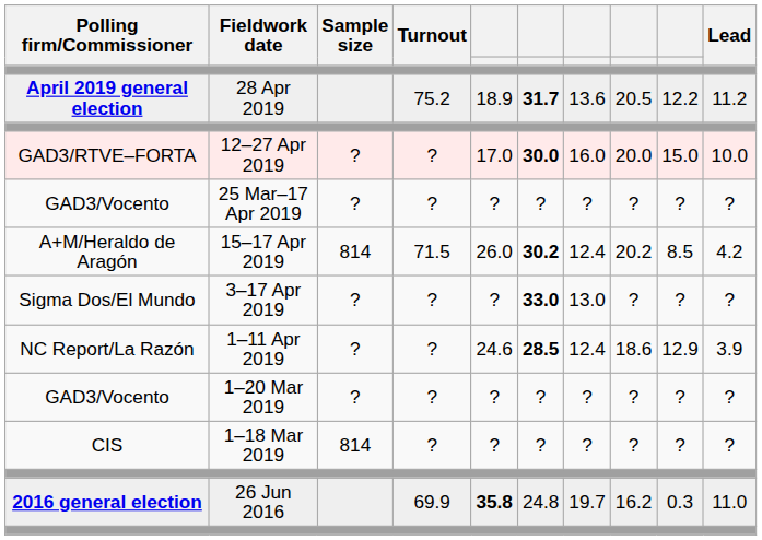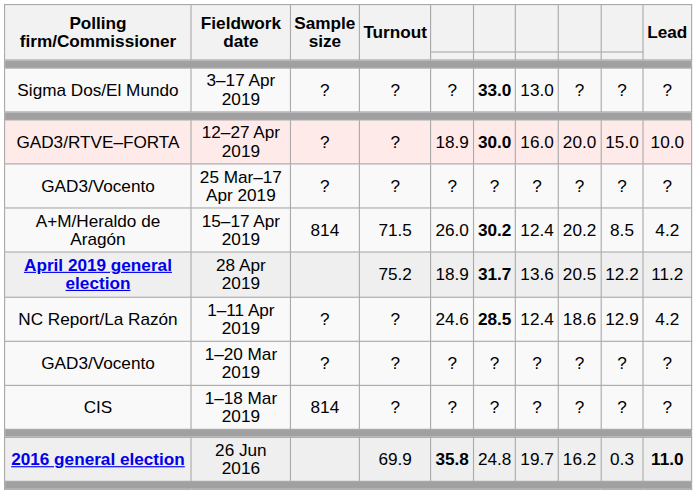 <table class="wikitable collapsible collapsed" style="text-align:center; font-size:95%; line-height:16px;">
 <tr style="height:42px;">
 <th style="width:250px;" rowspan="2">Polling firm/Commissioner</th>
 <th style="width:125px;" rowspan="2">Fieldwork date</th>
 <th style="width:50px;" rowspan="2">Sample size</th>
 <th style="width:45px;" rowspan="2">Turnout</th>
 <th style="width:35px;"></th>
 <th style="width:35px;"></th>
 <th style="width:35px;"></th>
 <th style="width:35px;"></th>
 <th style="width:35px;"></th>
 <th style="width:30px;" rowspan="2">Lead</th>
 </tr>
 <tr>
 <th style="color:inherit;background:"></th>
 <th style="color:inherit;background:"></th>
 <th style="color:inherit;background:"></th>
 <th style="color:inherit;background:"></th>
 <th style="color:inherit;background:"></th>
 </tr>
 <tr>
 <td colspan="10" style="background:#A0A0A0"></td>
 </tr>
-<tr style="background:#EFEFEF;">
-<td><strong><a href='#'>April 2019 general election</a></strong></td>
-<td>28 Apr 2019</td>
-<td></td>
-<td>75.2</td>
-<td>18.9<br></td>
-<td><strong>31.7</strong><br></td>
-<td>13.6<br></td>
-<td>20.5<br></td>
-<td>12.2<br></td>
-<td style="background:">11.2</td>
+<tr>
+<td>Sigma Dos/El Mundo</td>
+<td>3–17 Apr 2019</td>
+<td>?</td>
+<td>?</td>
+<td>?<br></td>
+<td><strong>33.0</strong><br></td>
+<td>13.0<br></td>
+<td>?<br></td>
+<td>?<br></td>
+<td style="background:">?</td>
 </tr>
 <tr>
 <td colspan="10" style="background:#A0A0A0"></td>
 </tr>
 <tr style="background:#FFEAEA;">
 <td>GAD3/RTVE–FORTA</td>
 <td>12–27 Apr 2019</td>
 <td>?</td>
 <td>?</td>
-<td>17.0<br></td>
+<td>18.9<br></td>
 <td><strong>30.0</strong><br></td>
 <td>16.0<br></td>
 <td>20.0<br></td>
 <td>15.0<br></td>
 <td style="background:">10.0</td>
 </tr>
 <tr>
 <td>GAD3/Vocento</td>
 <td>25 Mar–17 Apr 2019</td>
 <td>?</td>
 <td>?</td>
 <td>?<br></td>
 <td>?<br></td>
 <td>?<br></td>
 <td>?<br></td>
 <td>?<br></td>
 <td style="background:">?</td>
 </tr>
 <tr>
 <td>A+M/Heraldo de Aragón</td>
 <td>15–17 Apr 2019</td>
 <td>814</td>
 <td>71.5</td>
 <td>26.0<br></td>
 <td><strong>30.2</strong><br></td>
 <td>12.4<br></td>
 <td>20.2<br></td>
 <td>8.5<br></td>
 <td style="background:">4.2</td>
 </tr>
-<tr>
-<td>Sigma Dos/El Mundo</td>
-<td>3–17 Apr 2019</td>
-<td>?</td>
-<td>?</td>
-<td>?<br></td>
-<td><strong>33.0</strong><br></td>
-<td>13.0<br></td>
-<td>?<br></td>
-<td>?<br></td>
-<td style="background:">?</td>
+<tr style="background:#EFEFEF;">
+<td><strong><a href='#'>April 2019 general election</a></strong></td>
+<td>28 Apr 2019</td>
+<td></td>
+<td>75.2</td>
+<td>18.9<br></td>
+<td><strong>31.7</strong><br></td>
+<td>13.6<br></td>
+<td>20.5<br></td>
+<td>12.2<br></td>
+<td style="background:">11.2</td>
 </tr>
 <tr>
 <td>NC Report/La Razón</td>
 <td>1–11 Apr 2019</td>
 <td>?</td>
 <td>?</td>
 <td>24.6<br></td>
 <td><strong>28.5</strong><br></td>
 <td>12.4<br></td>
 <td>18.6<br></td>
 <td>12.9<br></td>
-<td style="background:">3.9</td>
+<td style="background:">4.2</td>
 </tr>
 <tr>
 <td>GAD3/Vocento</td>
 <td>1–20 Mar 2019</td>
 <td>?</td>
 <td>?</td>
 <td>?<br></td>
 <td>?<br></td>
 <td>?<br></td>
 <td>?<br></td>
 <td>?<br></td>
 <td style="background:">?</td>
 </tr>
 <tr>
 <td>CIS</td>
 <td>1–18 Mar 2019</td>
 <td>814</td>
 <td>?</td>
 <td>?<br></td>
 <td>?<br></td>
 <td>?<br></td>
 <td>?<br></td>
 <td>?<br></td>
 <td style="background:">?</td>
 </tr>
 <tr>
 <td colspan="10" style="background:#A0A0A0"></td>
 </tr>
 <tr style="background:#EFEFEF;">
 <td><strong><a href='#'>2016 general election</a></strong></td>
 <td>26 Jun 2016</td>
 <td></td>
 <td>69.9</td>
 <td><strong>35.8</strong><br></td>
 <td>24.8<br></td>
 <td>19.7<br></td>
 <td>16.2<br></td>
 <td>0.3<br></td>
-<td style="background:">11.0</td>
+<td style="background:"><strong>11.0</strong></td>
 </tr>
 <tr>
 <td colspan="10" style="background:#A0A0A0"></td>
 </tr>
 </table>
